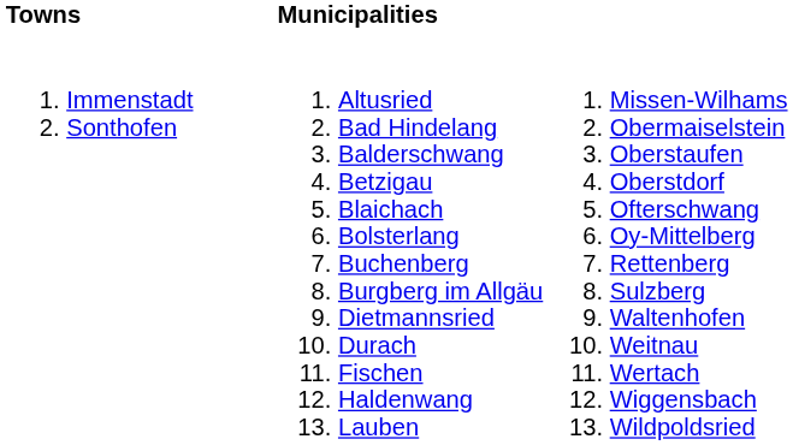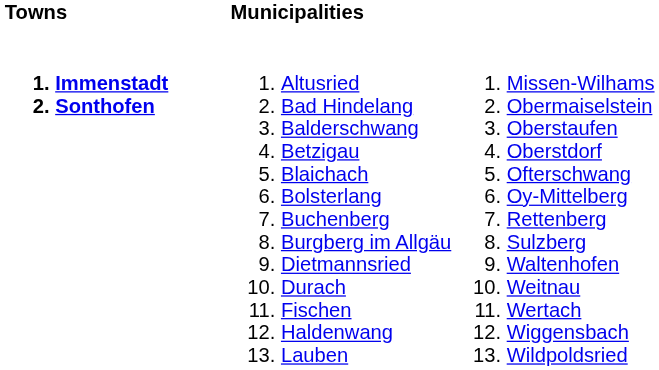 <table>
 <tr>
 <th align=left width=33%>Towns</th>
 <th align=left width=33%>Municipalities</th>
 </tr>
 <tr valign=top>
-<td><br><ol><li><a href='#'>Immenstadt</a></li><li><a href='#'>Sonthofen</a></li></ol></td>
+<td><strong><br><ol><li><a href='#'>Immenstadt</a></li><li><a href='#'>Sonthofen</a></li></ol></strong></td>
 <td><br><ol><li><a href='#'>Altusried</a></li><li><a href='#'>Bad Hindelang</a></li><li><a href='#'>Balderschwang</a></li><li><a href='#'>Betzigau</a></li><li><a href='#'>Blaichach</a></li><li><a href='#'>Bolsterlang</a></li><li><a href='#'>Buchenberg</a></li><li><a href='#'>Burgberg im Allgäu</a></li><li><a href='#'>Dietmannsried</a></li><li><a href='#'>Durach</a></li><li><a href='#'>Fischen</a></li><li><a href='#'>Haldenwang</a></li><li><a href='#'>Lauben</a></li></ol></td>
 <td><br><ol> <li><a href='#'>Missen-Wilhams</a> <li><a href='#'>Obermaiselstein</a> <li><a href='#'>Oberstaufen</a> <li><a href='#'>Oberstdorf</a> <li><a href='#'>Ofterschwang</a> <li><a href='#'>Oy-Mittelberg</a> <li><a href='#'>Rettenberg</a> <li><a href='#'>Sulzberg</a> <li><a href='#'>Waltenhofen</a> <li><a href='#'>Weitnau</a> <li><a href='#'>Wertach</a> <li><a href='#'>Wiggensbach</a> <li><a href='#'>Wildpoldsried</a> </ol></td>
 </tr>
 </table>
